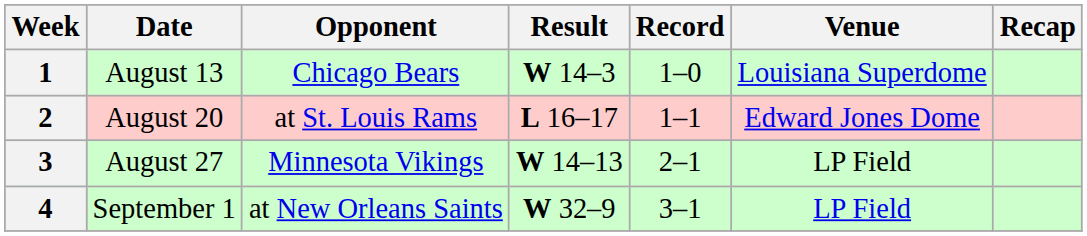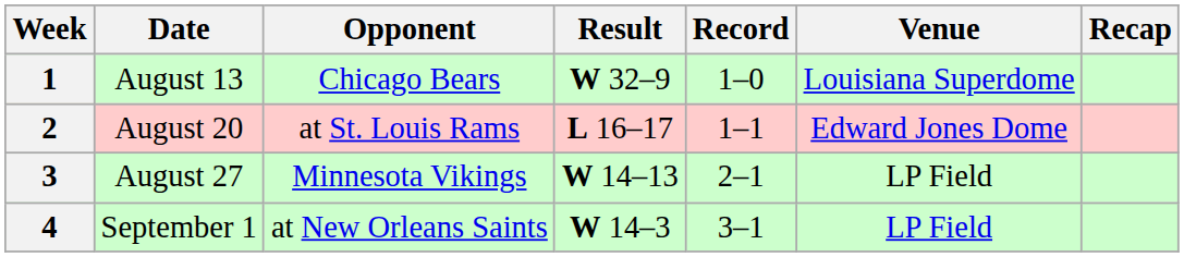 <table class="wikitable" style="text-align:center">
 <tr>
 <th>Week</th>
 <th>Date</th>
 <th>Opponent</th>
 <th>Result</th>
 <th>Record</th>
 <th>Venue</th>
 <th>Recap</th>
 </tr>
 <tr style="background:#cfc">
 <th>1</th>
 <td style="text-align:center;">August 13</td>
 <td style="text-align:center;"><a href='#'>Chicago Bears</a></td>
-<td style="text-align:center;"><strong>W</strong> 14–3</td>
+<td style="text-align:center;"><strong>W</strong> 32–9</td>
 <td style="text-align:center;">1–0</td>
 <td style="text-align:center;"><a href='#'>Louisiana Superdome</a></td>
 <td style="text-align:center;"></td>
 </tr>
 <tr style="background:#fcc">
 <th>2</th>
 <td style="text-align:center;">August 20</td>
 <td style="text-align:center;">at <a href='#'>St. Louis Rams</a></td>
 <td style="text-align:center;"><strong>L</strong> 16–17</td>
 <td style="text-align:center;">1–1</td>
 <td style="text-align:center;"><a href='#'>Edward Jones Dome</a></td>
 <td style="text-align:center;"></td>
 </tr>
 <tr style="background:#cfc">
 <th>3</th>
 <td style="text-align:center;">August 27</td>
 <td style="text-align:center;"><a href='#'>Minnesota Vikings</a></td>
 <td style="text-align:center;"><strong>W</strong> 14–13</td>
 <td style="text-align:center;">2–1</td>
 <td style="text-align:center;">LP Field</td>
 <td style="text-align:center;"></td>
 </tr>
 <tr style="background:#cfc">
 <th>4</th>
 <td style="text-align:center;">September 1</td>
 <td style="text-align:center;">at <a href='#'>New Orleans Saints</a></td>
-<td style="text-align:center;"><strong>W</strong> 32–9</td>
+<td style="text-align:center;"><strong>W</strong> 14–3</td>
 <td style="text-align:center;">3–1</td>
 <td style="text-align:center;"><a href='#'>LP Field</a></td>
 <td style="text-align:center;"></td>
 </tr>
 </table>
